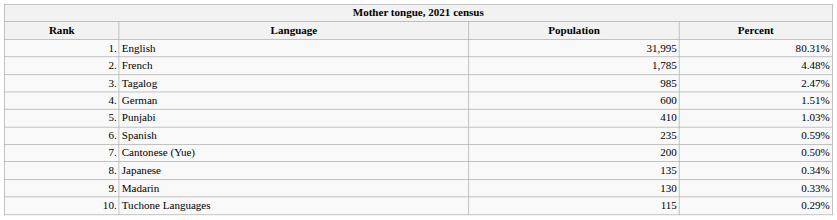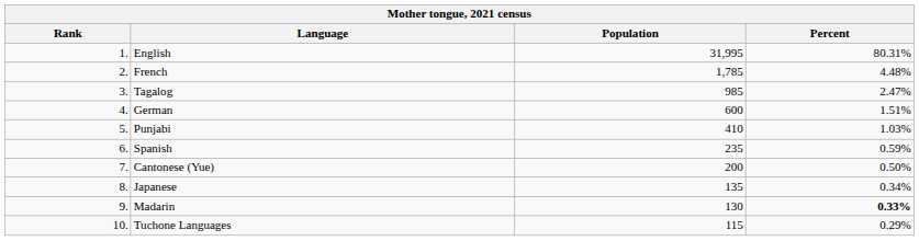 <table class="wikitable" style="width: 95%;">
 <tr>
 <th colspan=4>Mother tongue, 2021 census</th>
 </tr>
 <tr>
 <th>Rank</th>
 <th align="left">Language</th>
 <th>Population</th>
 <th>Percent</th>
 </tr>
 <tr style="text-align:right;">
 <td>1.</td>
 <td style="text-align:left;">English</td>
 <td>31,995</td>
 <td>80.31%</td>
 </tr>
 <tr style="text-align:right;">
 <td>2.</td>
 <td style="text-align:left;">French</td>
 <td>1,785</td>
 <td>4.48%</td>
 </tr>
 <tr style="text-align:right;">
 <td>3.</td>
 <td style="text-align:left;">Tagalog</td>
 <td>985</td>
 <td>2.47%</td>
 </tr>
 <tr style="text-align:right;">
 <td>4.</td>
 <td style="text-align:left;">German</td>
 <td>600</td>
 <td>1.51%</td>
 </tr>
 <tr style="text-align:right;">
 <td>5.</td>
 <td style="text-align:left;">Punjabi</td>
 <td>410</td>
 <td>1.03%</td>
 </tr>
 <tr style="text-align:right;">
 <td>6.</td>
 <td style="text-align:left;">Spanish</td>
 <td>235</td>
 <td>0.59%</td>
 </tr>
 <tr style="text-align:right;">
 <td>7.</td>
 <td style="text-align:left;">Cantonese (Yue)</td>
 <td>200</td>
 <td>0.50%</td>
 </tr>
 <tr style="text-align:right;">
 <td>8.</td>
 <td style="text-align:left;">Japanese</td>
 <td>135</td>
 <td>0.34%</td>
 </tr>
 <tr style="text-align:right;">
 <td>9.</td>
 <td style="text-align:left;">Madarin</td>
 <td>130</td>
-<td>0.33%</td>
+<td><strong>0.33%</strong></td>
 </tr>
 <tr style="text-align:right;">
 <td>10.</td>
 <td style="text-align:left;">Tuchone Languages</td>
 <td>115</td>
 <td>0.29%</td>
 </tr>
 </table>
